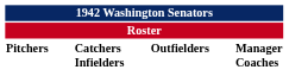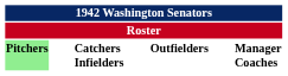 <table class="toccolours" style="font-size: 95%;">
 <tr>
 <th colspan="10" style="background-color: #072764; color: white; text-align: center;">1942 Washington Senators</th>
 </tr>
 <tr>
 <td colspan="10" style="background-color: #c6011f; color: white; text-align: center;"><strong>Roster</strong></td>
 </tr>
 <tr>
-<td valign="top"><strong>Pitchers</strong><br>               </td>
+<td valign="top" style="background: lightgreen;"><strong>Pitchers</strong><br>               </td>
 <td width="25px"></td>
 <td valign="top"><strong>Catchers</strong><br>  <strong>Infielders</strong>          </td>
 <td width="25px"></td>
 <td valign="top"><strong>Outfielders</strong><br>       </td>
 <td width="25px"></td>
 <td valign="top"><strong>Manager</strong><br> <strong>Coaches</strong>     </td>
 </tr>
 <tr>
 </tr>
 </table>
